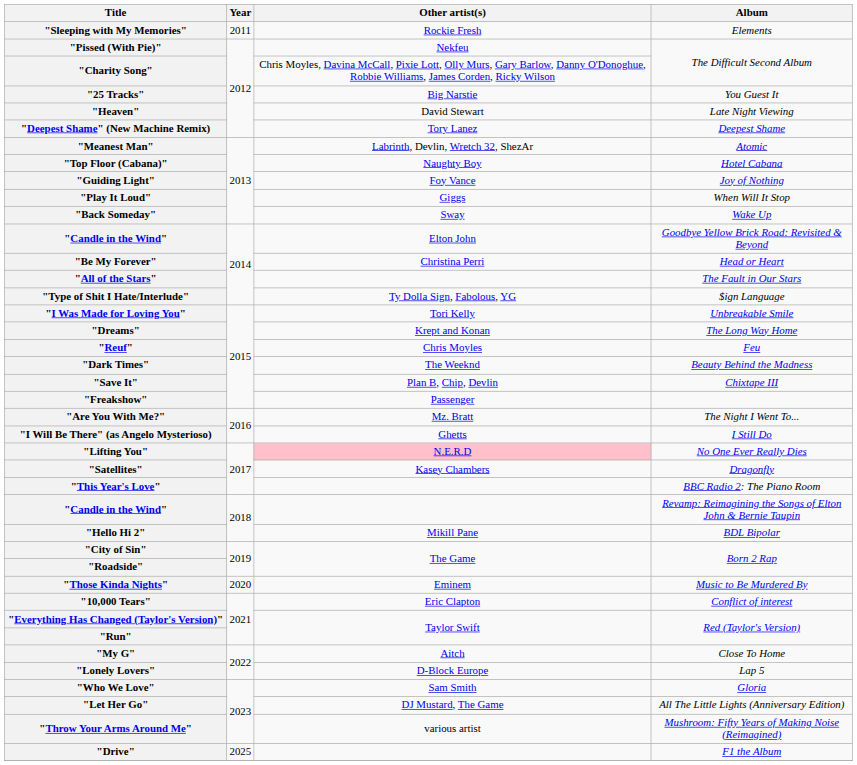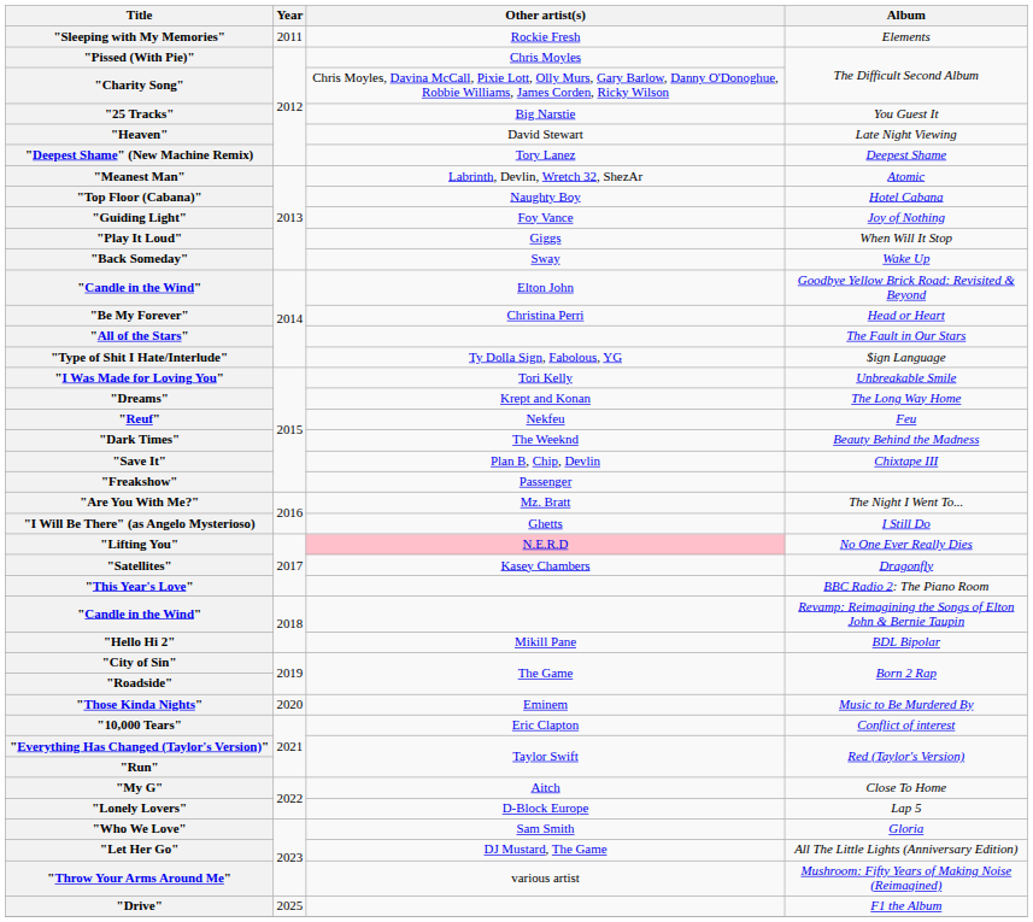 <table class="wikitable plainrowheaders" style="text-align:center;">
 <tr>
 <th scope="col" style="width:20em;">Title</th>
 <th scope="col">Year</th>
 <th scope="col">Other artist(s)</th>
 <th scope="col">Album</th>
 </tr>
 <tr>
 <th scope="row">"Sleeping with My Memories"</th>
 <td>2011</td>
 <td><a href='#'>Rockie Fresh</a></td>
 <td><em>Elements</em></td>
 </tr>
 <tr>
 <th scope="row">"Pissed (With Pie)"</th>
 <td rowspan="5">2012</td>
-<td><a href='#'>Nekfeu</a></td>
+<td><a href='#'>Chris Moyles</a></td>
 <td rowspan="2"><em>The Difficult Second Album</em></td>
 </tr>
 <tr>
 <th scope="row">"Charity Song"</th>
 <td>Chris Moyles, <a href='#'>Davina McCall</a>, <a href='#'>Pixie Lott</a>, <a href='#'>Olly Murs</a>, <a href='#'>Gary Barlow</a>, <a href='#'>Danny O'Donoghue</a>, <a href='#'>Robbie Williams</a>, <a href='#'>James Corden</a>, <a href='#'>Ricky Wilson</a></td>
 </tr>
 <tr>
 <th scope="row">"25 Tracks"</th>
 <td><a href='#'>Big Narstie</a></td>
 <td><em>You Guest It</em></td>
 </tr>
 <tr>
 <th scope="row">"Heaven"</th>
 <td>David Stewart</td>
 <td><em>Late Night Viewing</em></td>
 </tr>
 <tr>
 <th scope="row">"<a href='#'>Deepest Shame</a>" (New Machine Remix)</th>
 <td><a href='#'>Tory Lanez</a></td>
 <td><em><a href='#'>Deepest Shame</a></em></td>
 </tr>
 <tr>
 <th scope="row">"Meanest Man"</th>
 <td rowspan="5">2013</td>
 <td><a href='#'>Labrinth</a>, Devlin, <a href='#'>Wretch 32</a>, ShezAr</td>
 <td><em><a href='#'>Atomic</a></em></td>
 </tr>
 <tr>
 <th scope="row">"Top Floor (Cabana)"</th>
 <td><a href='#'>Naughty Boy</a></td>
 <td><em><a href='#'>Hotel Cabana</a></em></td>
 </tr>
 <tr>
 <th scope="row">"Guiding Light"</th>
 <td><a href='#'>Foy Vance</a></td>
 <td><em><a href='#'>Joy of Nothing</a></em></td>
 </tr>
 <tr>
 <th scope="row">"Play It Loud"</th>
 <td><a href='#'>Giggs</a></td>
 <td><em>When Will It Stop</em></td>
 </tr>
 <tr>
 <th scope="row">"Back Someday"</th>
 <td><a href='#'>Sway</a></td>
 <td><em><a href='#'>Wake Up</a></em></td>
 </tr>
 <tr>
 <th scope="row">"<a href='#'>Candle in the Wind</a>"</th>
 <td rowspan="4">2014</td>
 <td><a href='#'>Elton John</a></td>
 <td><em><a href='#'>Goodbye Yellow Brick Road: Revisited & Beyond</a></em></td>
 </tr>
 <tr>
 <th scope="row">"Be My Forever"</th>
 <td><a href='#'>Christina Perri</a></td>
 <td><em><a href='#'>Head or Heart</a></em></td>
 </tr>
 <tr>
 <th scope="row">"<a href='#'>All of the Stars</a>"</th>
 <td></td>
 <td><em><a href='#'>The Fault in Our Stars</a></em></td>
 </tr>
 <tr>
 <th scope="row">"Type of Shit I Hate/Interlude"</th>
 <td><a href='#'>Ty Dolla Sign</a>, <a href='#'>Fabolous</a>, <a href='#'>YG</a></td>
 <td><em>$ign Language</em></td>
 </tr>
 <tr>
 <th scope="row">"<a href='#'>I Was Made for Loving You</a>"</th>
 <td rowspan="6">2015</td>
 <td><a href='#'>Tori Kelly</a></td>
 <td><em><a href='#'>Unbreakable Smile</a></em></td>
 </tr>
 <tr>
 <th scope="row">"Dreams"</th>
 <td><a href='#'>Krept and Konan</a></td>
 <td><em><a href='#'>The Long Way Home</a></em></td>
 </tr>
 <tr>
 <th scope="row">"<a href='#'>Reuf</a>"</th>
-<td><a href='#'>Chris Moyles</a></td>
+<td><a href='#'>Nekfeu</a></td>
 <td><em><a href='#'>Feu</a></em></td>
 </tr>
 <tr>
 <th scope="row">"Dark Times"</th>
 <td><a href='#'>The Weeknd</a></td>
 <td><em><a href='#'>Beauty Behind the Madness</a></em></td>
 </tr>
 <tr>
 <th scope="row">"Save It"</th>
 <td><a href='#'>Plan B</a>, <a href='#'>Chip</a>, <a href='#'>Devlin</a></td>
 <td><em><a href='#'>Chixtape III</a></em></td>
 </tr>
 <tr>
 <th scope="row">"Freakshow"</th>
 <td><a href='#'>Passenger</a></td>
 <td></td>
 </tr>
 <tr>
 <th scope="row">"Are You With Me?"</th>
 <td rowspan="2">2016</td>
 <td><a href='#'>Mz. Bratt</a></td>
 <td><em>The Night I Went To...</em></td>
 </tr>
 <tr>
 <th scope="row">"I Will Be There" <span>(as Angelo Mysterioso)</span></th>
 <td><a href='#'>Ghetts</a></td>
 <td><em><a href='#'>I Still Do</a></em></td>
 </tr>
 <tr>
 <th scope="row">"Lifting You"</th>
 <td rowspan="3">2017</td>
 <td style="background: pink;"><a href='#'>N.E.R.D</a></td>
 <td><em><a href='#'>No One Ever Really Dies</a></em></td>
 </tr>
 <tr>
 <th scope="row">"Satellites"</th>
 <td><a href='#'>Kasey Chambers</a></td>
 <td><em><a href='#'>Dragonfly</a></em></td>
 </tr>
 <tr>
 <th scope="row">"<a href='#'>This Year's Love</a>"</th>
 <td></td>
 <td><em><a href='#'>BBC Radio 2</a>: The Piano Room</em></td>
 </tr>
 <tr>
 <th scope="row">"<a href='#'>Candle in the Wind</a>"</th>
 <td rowspan="2">2018</td>
 <td></td>
 <td><em><a href='#'>Revamp: Reimagining the Songs of Elton John & Bernie Taupin</a></em></td>
 </tr>
 <tr>
 <th scope="row">"Hello Hi 2"</th>
 <td><a href='#'>Mikill Pane</a></td>
 <td><em><a href='#'>BDL Bipolar</a></em></td>
 </tr>
 <tr>
 <th scope="row">"City of Sin"</th>
 <td rowspan="2">2019</td>
 <td rowspan="2"><a href='#'>The Game</a></td>
 <td rowspan="2"><em><a href='#'>Born 2 Rap</a></em></td>
 </tr>
 <tr>
 <th scope="row">"Roadside"</th>
 </tr>
 <tr>
 <th scope="row">"<a href='#'>Those Kinda Nights</a>"</th>
 <td>2020</td>
 <td><a href='#'>Eminem</a></td>
 <td><em><a href='#'>Music to Be Murdered By</a></em></td>
 </tr>
 <tr>
 <th scope="row">"10,000 Tears"</th>
 <td rowspan="3">2021</td>
 <td><a href='#'>Eric Clapton</a></td>
 <td><em><a href='#'>Conflict of interest</a></em></td>
 </tr>
 <tr>
 <th scope="row">"<a href='#'>Everything Has Changed (Taylor's Version)</a>"</th>
 <td rowspan="2"><a href='#'>Taylor Swift</a></td>
 <td rowspan="2"><em><a href='#'>Red (Taylor's Version)</a></em></td>
 </tr>
 <tr>
 <th scope="row">"Run"</th>
 </tr>
 <tr>
 <th scope="Row">"My G"</th>
 <td rowspan="2">2022</td>
 <td><a href='#'>Aitch</a></td>
 <td><em>Close To Home</em></td>
 </tr>
 <tr>
 <th scope="row">"Lonely Lovers"</th>
 <td><a href='#'>D-Block Europe</a></td>
 <td><em>Lap 5</em></td>
 </tr>
 <tr>
 <th scope="Row">"Who We Love"</th>
 <td rowspan="3">2023</td>
 <td><a href='#'>Sam Smith</a></td>
 <td><em><a href='#'>Gloria</a></em></td>
 </tr>
 <tr>
 <th scope="row">"Let Her Go"</th>
 <td><a href='#'>DJ Mustard</a>, <a href='#'>The Game</a></td>
 <td><em>All The Little Lights (Anniversary Edition)</em></td>
 </tr>
 <tr>
 <th scope="row">"<a href='#'>Throw Your Arms Around Me</a>"</th>
 <td>various artist</td>
 <td><em><a href='#'>Mushroom: Fifty Years of Making Noise (Reimagined)</a></em></td>
 </tr>
 <tr>
 <th scope="row">"Drive"</th>
 <td>2025</td>
 <td></td>
 <td><em><a href='#'>F1 the Album</a></em></td>
 </tr>
 <tr>
 </tr>
 </table>
